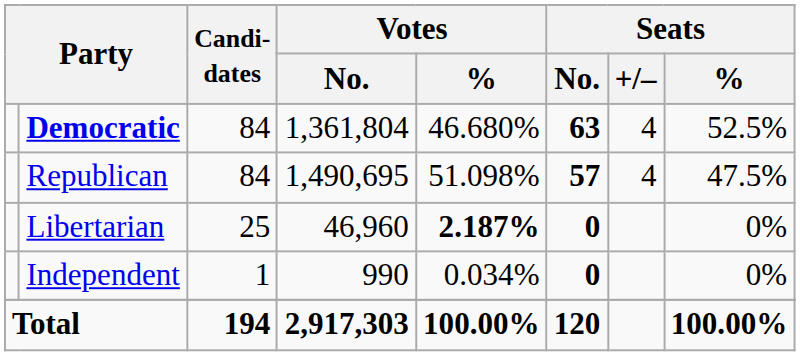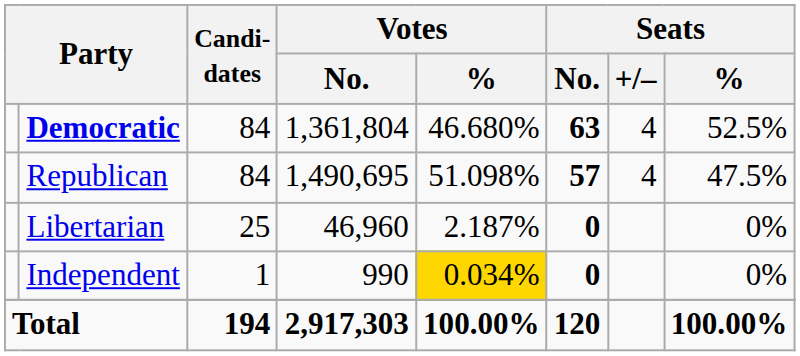 <table class="wikitable" style="font-size:100%; text-align:right;">
 <tr>
 <th colspan=2 rowspan=2>Party</th>
 <th rowspan=2><small>Candi-<br>dates</small></th>
 <th colspan=2>Votes</th>
 <th colspan=3>Seats</th>
 </tr>
 <tr>
 <th>No.</th>
 <th>%</th>
 <th>No.</th>
 <th>+/–</th>
 <th>%</th>
 </tr>
 <tr>
 <td style="background:"></td>
 <td align=left><a href='#'><strong>Democratic</strong></a></td>
 <td>84</td>
 <td>1,361,804</td>
 <td>46.680%</td>
 <td><strong>63</strong></td>
 <td>4</td>
 <td>52.5%</td>
 </tr>
 <tr>
 <td style="background:"></td>
 <td align=left><a href='#'>Republican</a></td>
 <td>84</td>
 <td>1,490,695</td>
 <td>51.098%</td>
 <td><strong>57</strong></td>
 <td>4</td>
 <td>47.5%</td>
 </tr>
 <tr>
 <td style="background:"></td>
 <td align=left><a href='#'>Libertarian</a></td>
 <td>25</td>
 <td>46,960</td>
-<td><strong>2.187%</strong></td>
+<td>2.187%</td>
 <td><strong>0</strong></td>
 <td></td>
 <td>0%</td>
 </tr>
 <tr>
 <td style="background:"></td>
 <td align=left><a href='#'>Independent</a></td>
 <td>1</td>
 <td>990</td>
-<td>0.034%</td>
+<td style="background: gold;">0.034%</td>
 <td><strong>0</strong></td>
 <td></td>
 <td>0%</td>
 </tr>
 <tr>
 </tr>
 <tr style="font-weight:bold">
 <td colspan=2 align=left>Total</td>
 <td>194</td>
 <td>2,917,303</td>
 <td>100.00%</td>
 <td>120</td>
 <td></td>
 <td>100.00%</td>
 </tr>
 </table>
